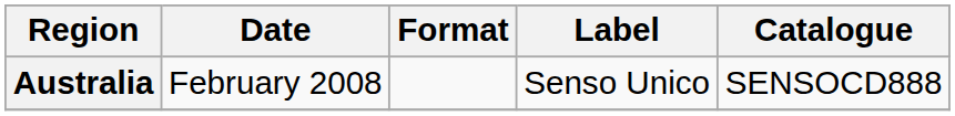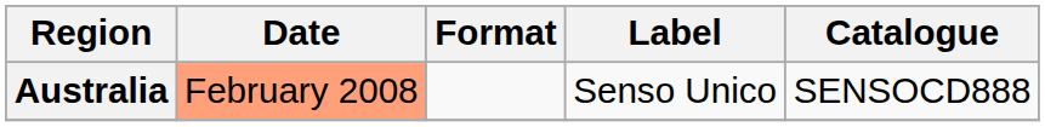 <table class="wikitable plainrowheaders">
 <tr>
 <th scope="col">Region</th>
 <th scope="col">Date</th>
 <th scope="col">Format</th>
 <th scope="col">Label</th>
 <th scope="col">Catalogue</th>
 </tr>
 <tr>
 <th>Australia</th>
-<td>February 2008</td>
+<td style="background: lightsalmon;">February 2008</td>
 <td></td>
 <td>Senso Unico</td>
 <td>SENSOCD888</td>
 </tr>
 <tr>
 </tr>
 </table>
